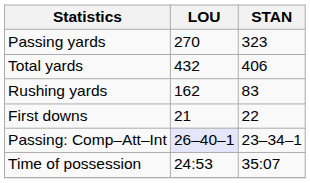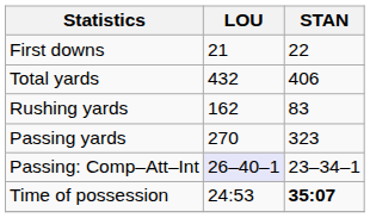 <table class="wikitable" style="float: left;">
 <tr>
 <th>Statistics</th>
 <th>LOU</th>
 <th>STAN</th>
 </tr>
 <tr>
-<td>Passing yards</td>
-<td>270</td>
-<td>323</td>
+<td>First downs</td>
+<td>21</td>
+<td>22</td>
 </tr>
 <tr>
 <td>Total yards</td>
 <td>432</td>
 <td>406</td>
 </tr>
 <tr>
 <td>Rushing yards</td>
 <td>162</td>
 <td>83</td>
 </tr>
 <tr>
-<td>First downs</td>
-<td>21</td>
-<td>22</td>
+<td>Passing yards</td>
+<td>270</td>
+<td>323</td>
 </tr>
 <tr>
 <td>Passing: Comp–Att–Int</td>
 <td style="background: lavender;">26–40–1</td>
 <td>23–34–1</td>
 </tr>
 <tr>
 <td>Time of possession</td>
 <td>24:53</td>
-<td>35:07</td>
+<td><strong>35:07</strong></td>
 </tr>
 <tr>
 </tr>
 </table>
